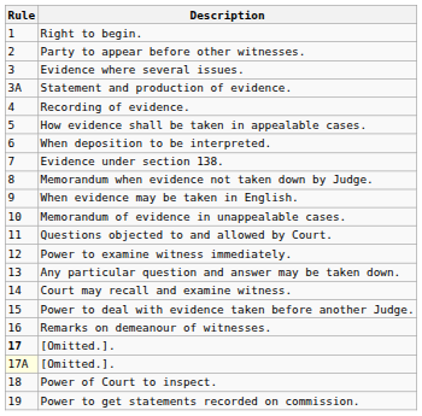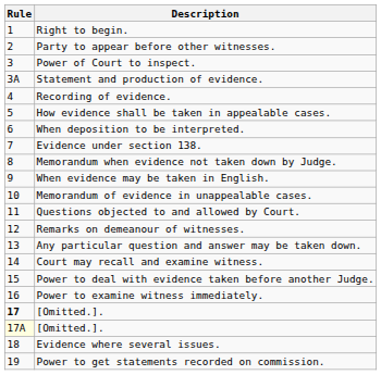 <table class="wikitable">
 <tr>
 <th>Rule</th>
 <th>Description</th>
 </tr>
 <tr>
 <td>1</td>
 <td>Right to begin.</td>
 </tr>
 <tr>
 <td>2</td>
 <td>Party to appear before other witnesses.</td>
 </tr>
 <tr>
 <td>3</td>
-<td>Evidence where several issues.</td>
+<td>Power of Court to inspect.</td>
 </tr>
 <tr>
 <td>3A</td>
 <td>Statement and production of evidence.</td>
 </tr>
 <tr>
 <td>4</td>
 <td>Recording of evidence.</td>
 </tr>
 <tr>
 <td>5</td>
 <td>How evidence shall be taken in appealable cases.</td>
 </tr>
 <tr>
 <td>6</td>
 <td>When deposition to be interpreted.</td>
 </tr>
 <tr>
 <td>7</td>
 <td>Evidence under section 138.</td>
 </tr>
 <tr>
 <td>8</td>
 <td>Memorandum when evidence not taken down by Judge.</td>
 </tr>
 <tr>
 <td>9</td>
 <td>When evidence may be taken in English.</td>
 </tr>
 <tr>
 <td>10</td>
 <td>Memorandum of evidence in unappealable cases.</td>
 </tr>
 <tr>
 <td>11</td>
 <td>Questions objected to and allowed by Court.</td>
 </tr>
 <tr>
 <td>12</td>
-<td>Power to examine witness immediately.</td>
+<td>Remarks on demeanour of witnesses.</td>
 </tr>
 <tr>
 <td>13</td>
 <td>Any particular question and answer may be taken down.</td>
 </tr>
 <tr>
 <td>14</td>
 <td>Court may recall and examine witness.</td>
 </tr>
 <tr>
 <td>15</td>
 <td>Power to deal with evidence taken before another Judge.</td>
 </tr>
 <tr>
 <td>16</td>
-<td>Remarks on demeanour of witnesses.</td>
+<td>Power to examine witness immediately.</td>
 </tr>
 <tr>
 <td><strong>17</strong></td>
 <td>[Omitted.].</td>
 </tr>
 <tr>
 <td style="background: lightyellow;">17A</td>
 <td>[Omitted.].</td>
 </tr>
 <tr>
 <td>18</td>
-<td>Power of Court to inspect.</td>
+<td>Evidence where several issues.</td>
 </tr>
 <tr>
 <td>19</td>
 <td>Power to get statements recorded on commission.</td>
 </tr>
 </table>
